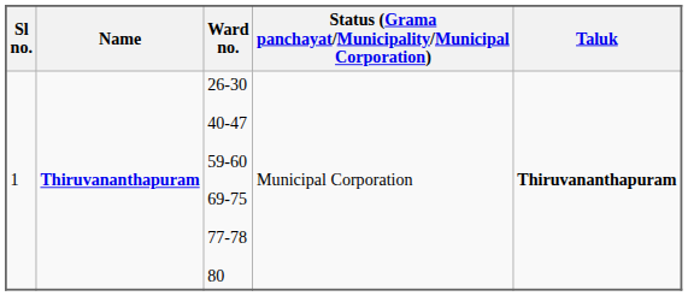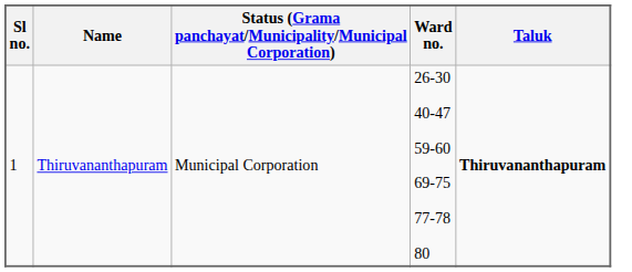 <table class="wikitable" width="500px"  style="border-collapse: collapse; border: 2px #666666 solid; font-size: x-big">
 <tr>
 <th width="30px">Sl no.</th>
 <th width="100px">Name</th>
+<th width="130px">Status (<a href='#'>Grama panchayat</a>/<a href='#'>Municipality</a>/<a href='#'>Municipal Corporation</a>)</th>
 <th width="100px">Ward no.</th>
-<th width="130px">Status (<a href='#'>Grama panchayat</a>/<a href='#'>Municipality</a>/<a href='#'>Municipal Corporation</a>)</th>
 <th width="100px"><a href='#'>Taluk</a></th>
 </tr>
 <tr>
 <td>1</td>
-<td><strong><a href='#'>Thiruvananthapuram</a></strong></td>
+<td><a href='#'>Thiruvananthapuram</a></td>
+<td>Municipal Corporation</td>
 <td>26-30<br><br>40-47<br><br>59-60<br><br>69-75<br><br>77-78<br><br>80</td>
-<td>Municipal Corporation</td>
 <td><strong>Thiruvananthapuram</strong></td>
 </tr>
 </table>
